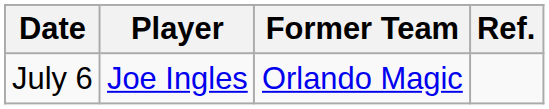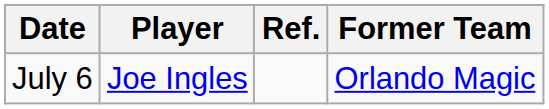 <table class="wikitable sortable sortable" style="text-align: center">
 <tr>
 <th>Date</th>
 <th>Player</th>
+<th>Ref.</th>
 <th>Former Team</th>
-<th>Ref.</th>
 </tr>
 <tr>
 <td>July 6</td>
 <td><a href='#'>Joe Ingles</a></td>
+<td></td>
 <td><a href='#'>Orlando Magic</a></td>
-<td></td>
 </tr>
 </table>
